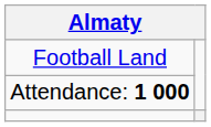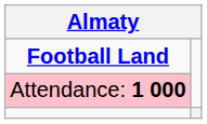 <table class="wikitable" style="text-align:center;">
 <tr>
 <th colspan="4" align="center"><a href='#'>Almaty</a></th>
 </tr>
 <tr>
-<td><a href='#'>Football Land</a></td>
+<td><strong><a href='#'>Football Land</a></strong></td>
 </tr>
 <tr>
-<td>Attendance: <strong>1 000</strong></td>
+<td style="background: pink;">Attendance: <strong>1 000</strong></td>
 </tr>
 <tr>
 <td></td>
 <th rowspan=8 colspan=2><div></div></th>
 </tr>
 </table>
